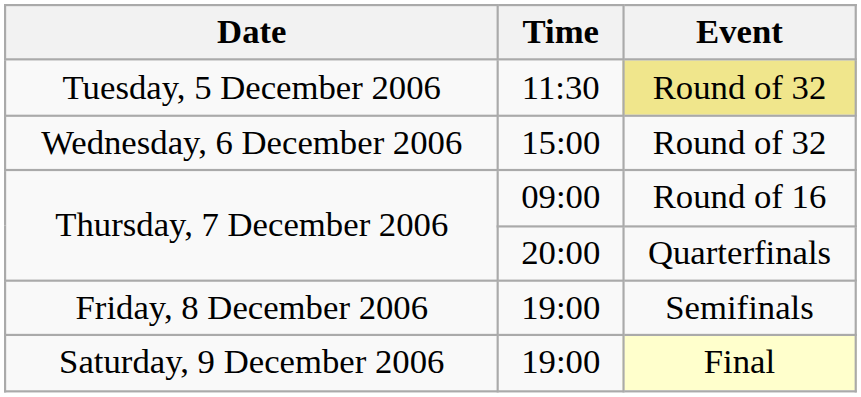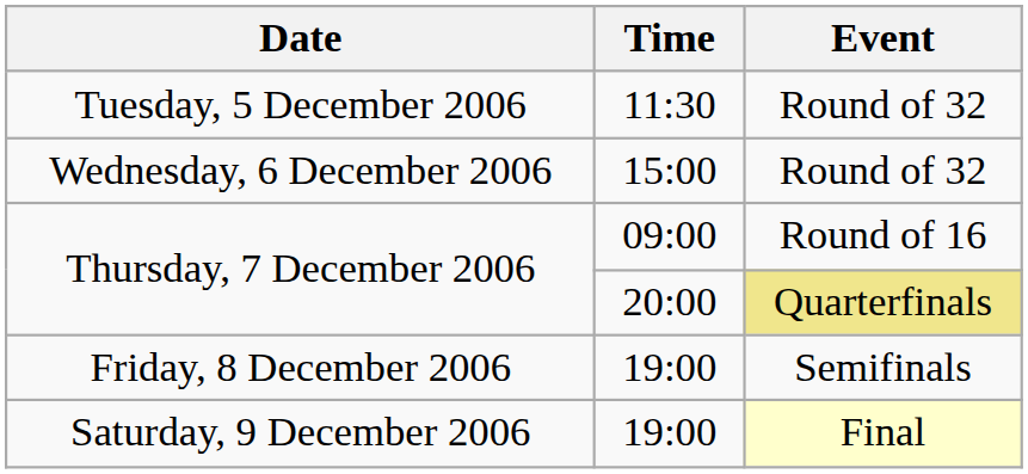 <table class = "wikitable" style="text-align:center;">
 <tr>
 <th width=220>Date</th>
 <th width=50>Time</th>
 <th width=100>Event</th>
 </tr>
 <tr>
 <td>Tuesday, 5 December 2006</td>
 <td>11:30</td>
-<td style="background: khaki;">Round of 32</td>
+<td>Round of 32</td>
 </tr>
 <tr>
 <td>Wednesday, 6 December 2006</td>
 <td>15:00</td>
 <td>Round of 32</td>
 </tr>
 <tr>
 <td rowspan=2>Thursday, 7 December 2006</td>
 <td>09:00</td>
 <td>Round of 16</td>
 </tr>
 <tr>
 <td>20:00</td>
-<td>Quarterfinals</td>
+<td style="background: khaki;">Quarterfinals</td>
 </tr>
 <tr>
 <td>Friday, 8 December 2006</td>
 <td>19:00</td>
 <td>Semifinals</td>
 </tr>
 <tr>
 <td>Saturday, 9 December 2006</td>
 <td>19:00</td>
 <td bgcolor=ffffcc>Final</td>
 </tr>
 </table>
